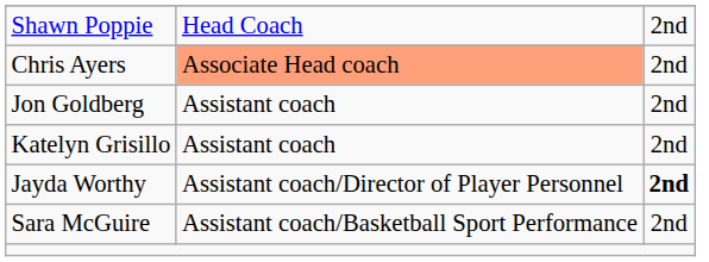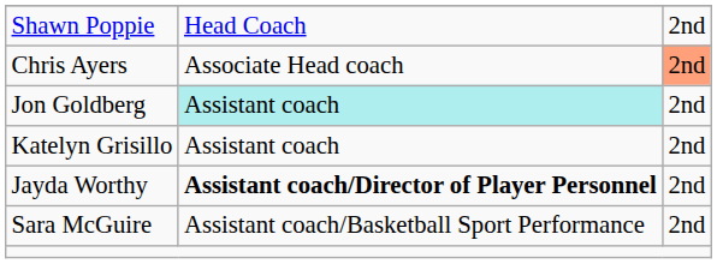 <table class="wikitable" style="font-size:93%;">
 <tr>
 </tr>
 <tr>
 </tr>
 <tr>
 <td><a href='#'>Shawn Poppie</a></td>
 <td><a href='#'>Head Coach</a></td>
 <td align=center>2nd</td>
 </tr>
 <tr>
 <td>Chris Ayers</td>
-<td style="background: lightsalmon;">Associate Head coach</td>
-<td align=center>2nd</td>
+<td>Associate Head coach</td>
+<td align=center style="background: lightsalmon;">2nd</td>
 </tr>
 <tr>
 <td>Jon Goldberg</td>
-<td>Assistant coach</td>
+<td style="background: paleturquoise;">Assistant coach</td>
 <td align=center>2nd</td>
 </tr>
 <tr>
 <td>Katelyn Grisillo</td>
 <td>Assistant coach</td>
 <td align=center>2nd</td>
 </tr>
 <tr>
 <td>Jayda Worthy</td>
-<td>Assistant coach/Director of Player Personnel</td>
-<td align=center><strong>2nd</strong></td>
+<td><strong>Assistant coach/Director of Player Personnel</strong></td>
+<td align=center>2nd</td>
 </tr>
 <tr>
 <td>Sara McGuire</td>
 <td>Assistant coach/Basketball Sport Performance</td>
 <td align=center>2nd</td>
 </tr>
 <tr>
 <td colspan=4></td>
 </tr>
 </table>
